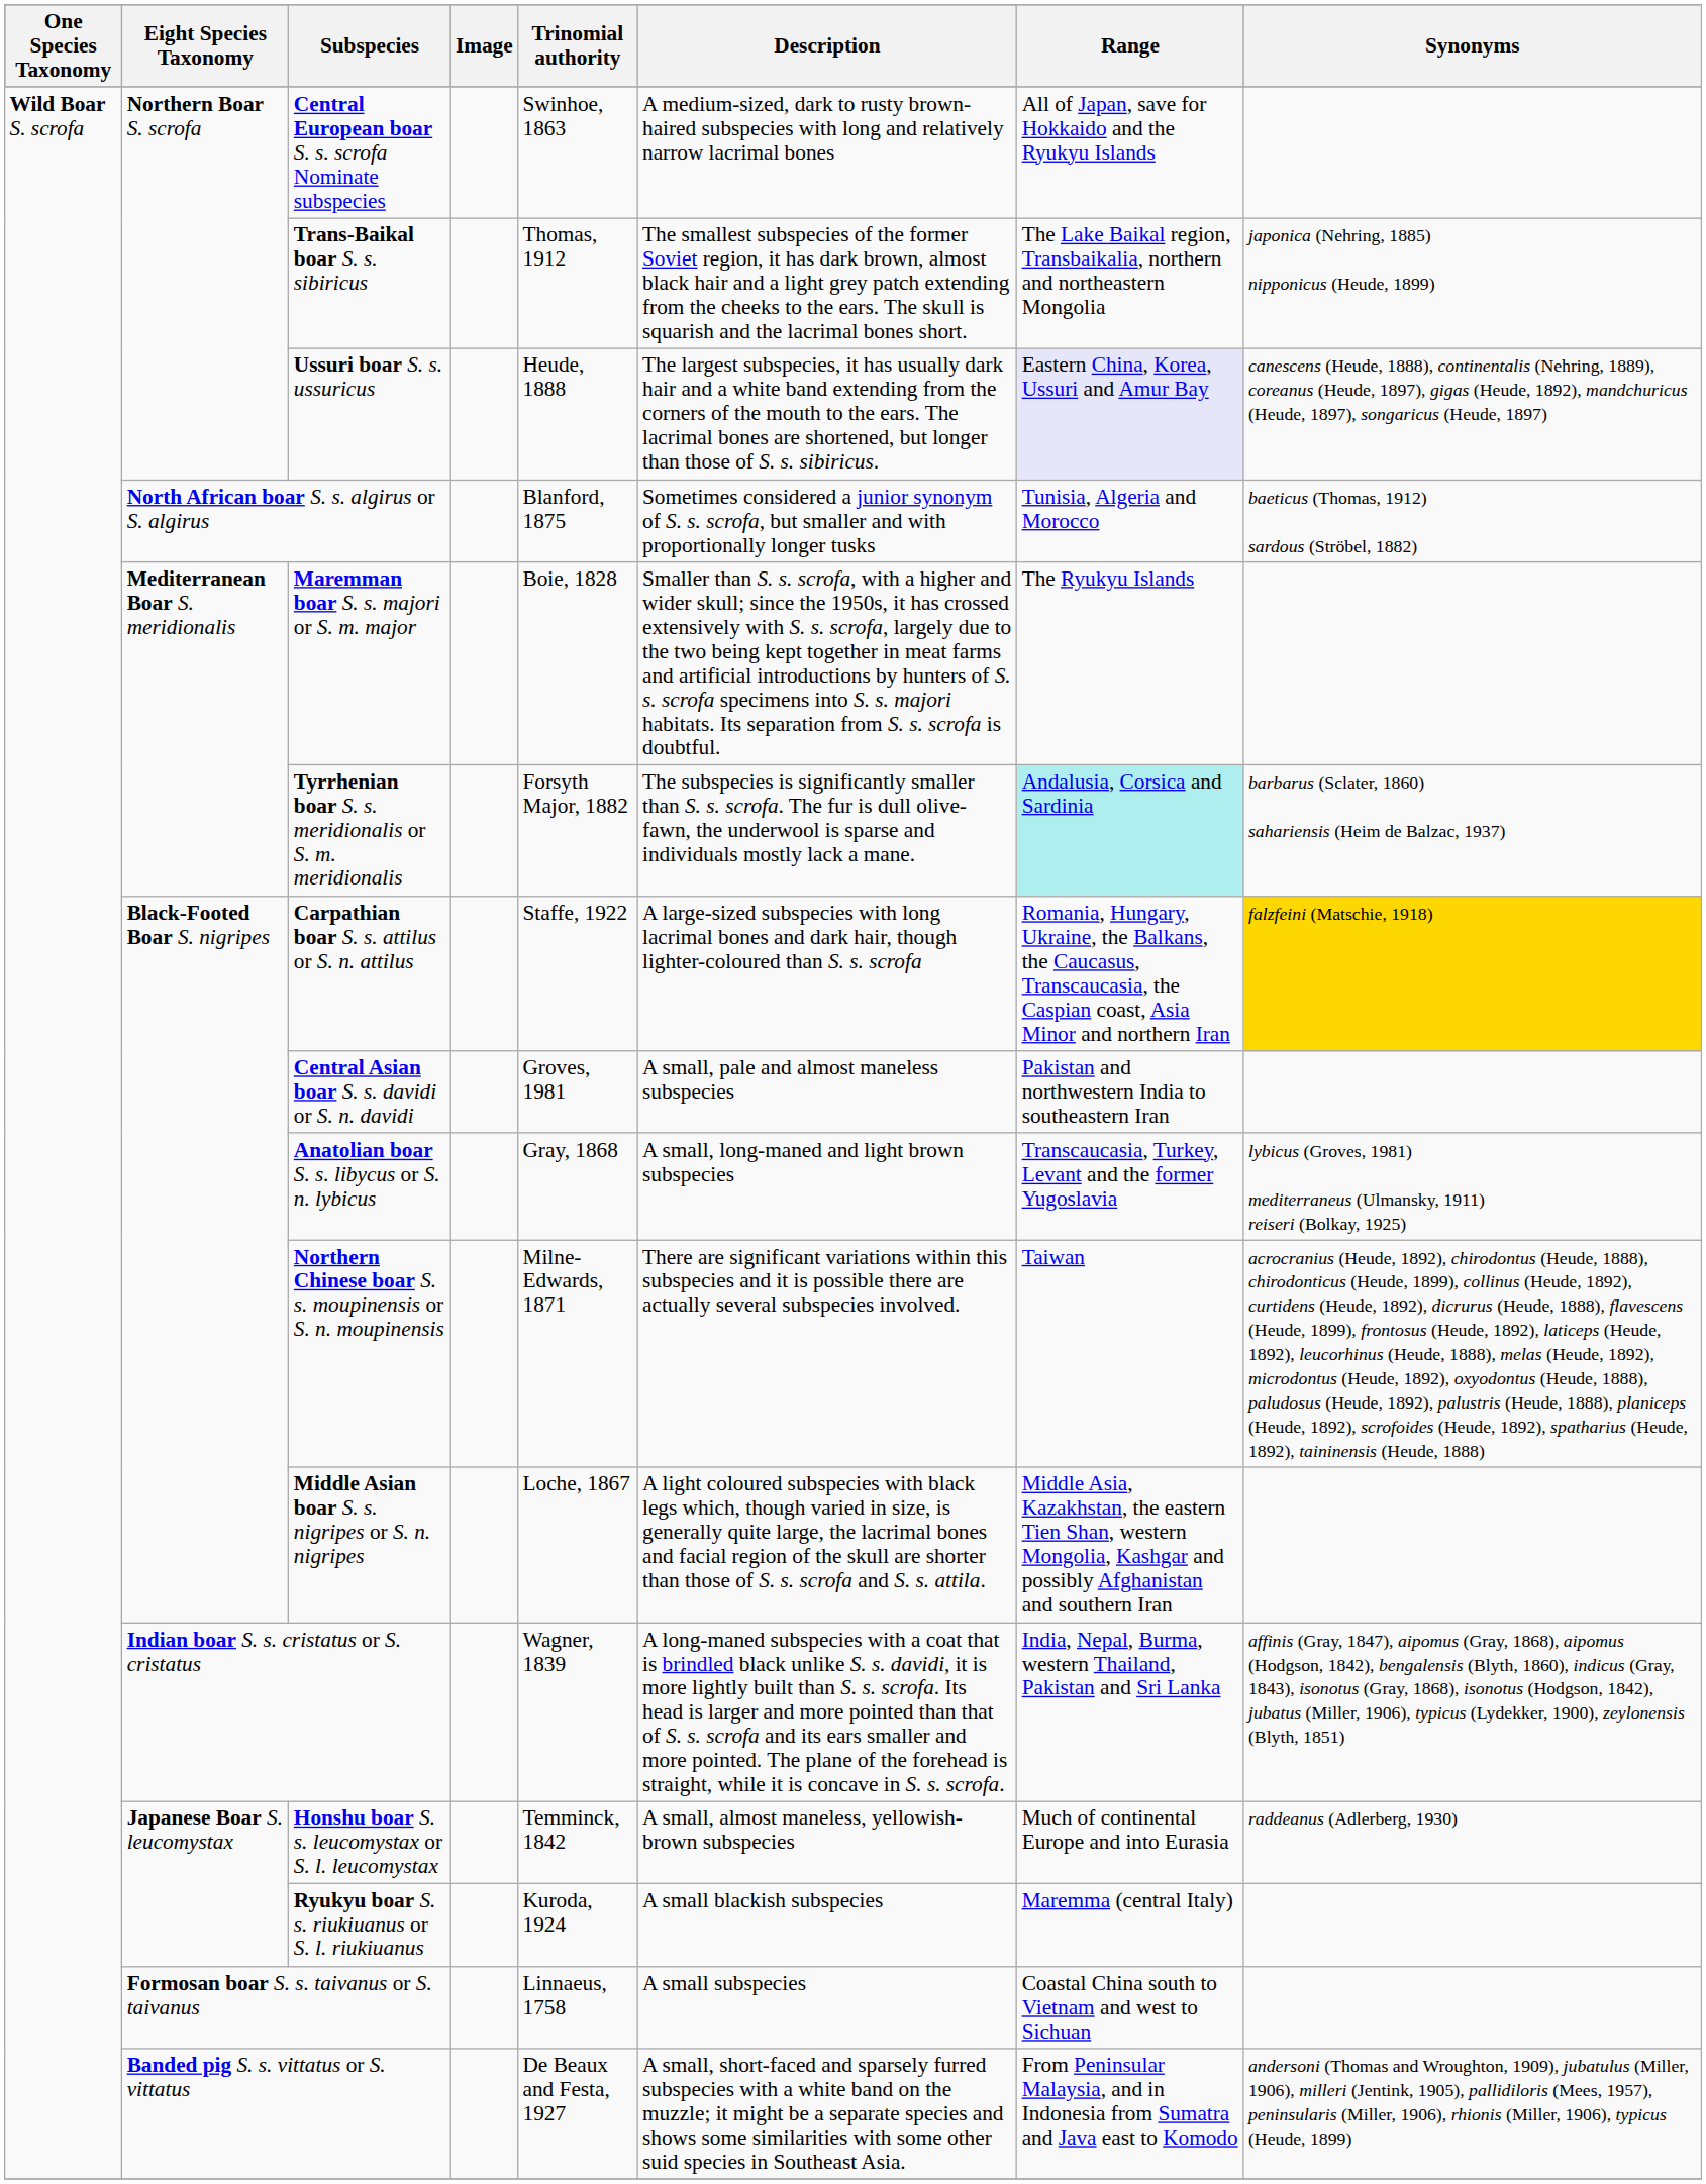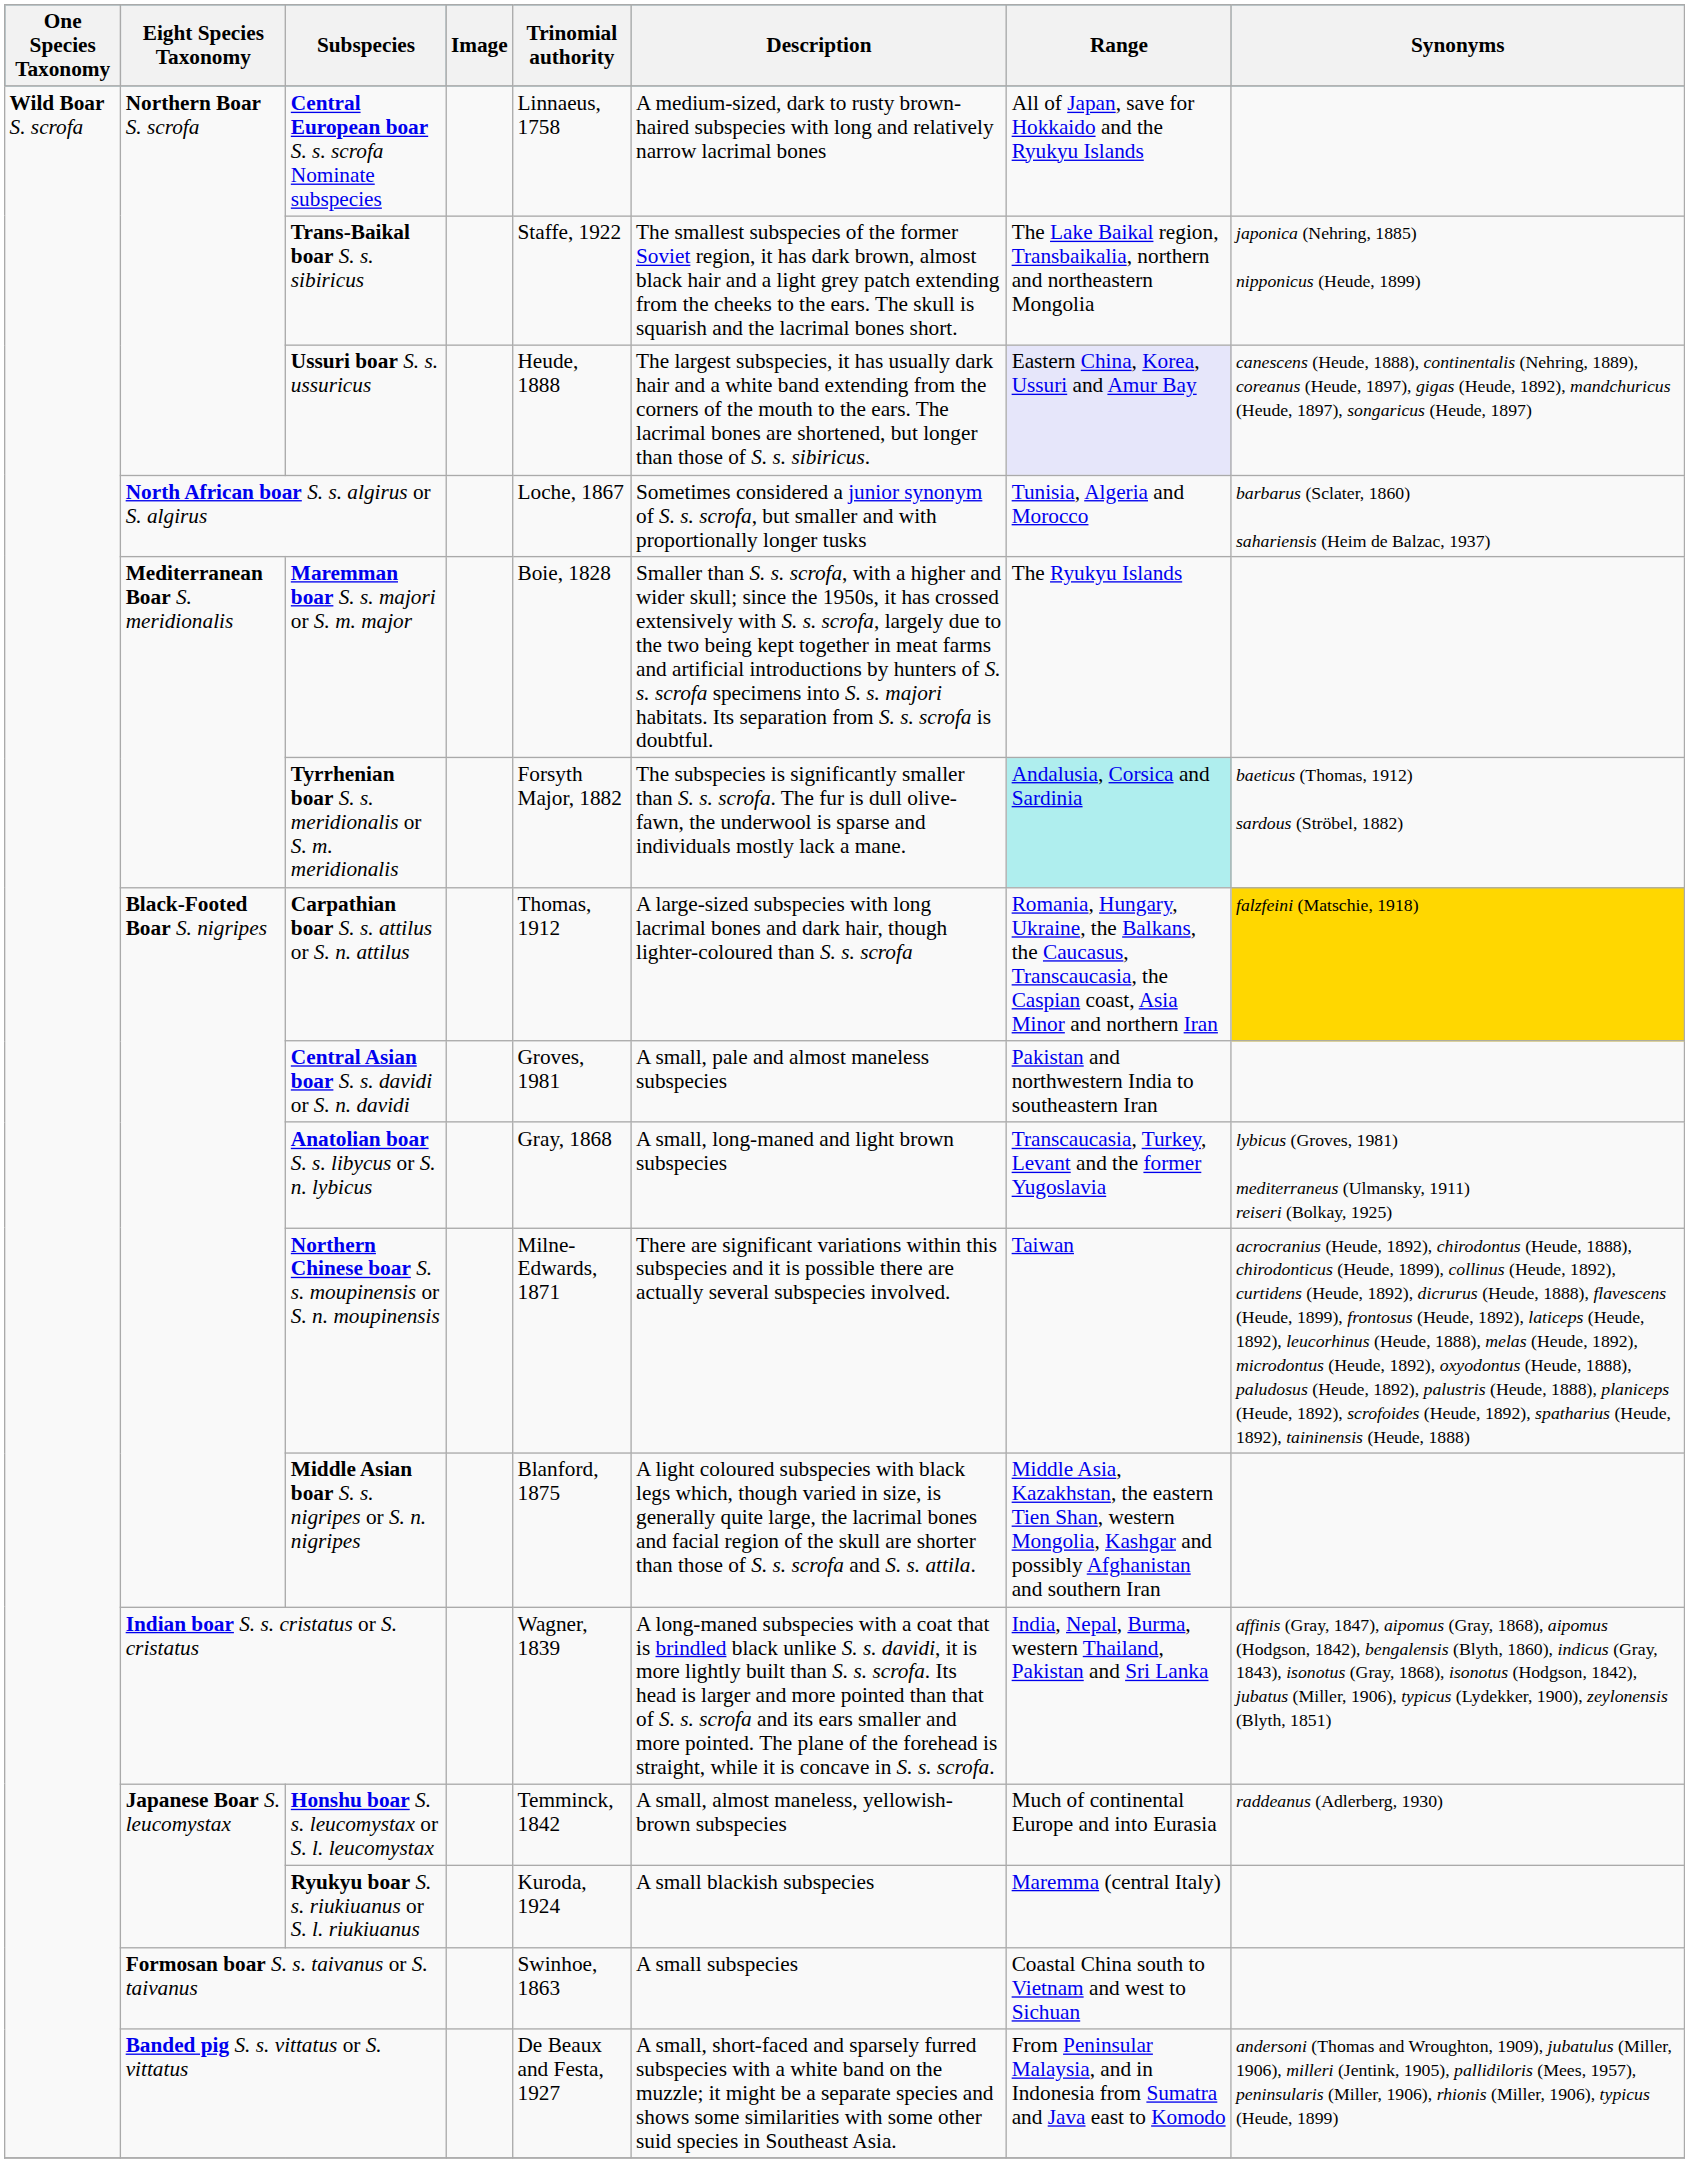 <table class="wikitable collapsed" style="width:100%;">
 <tr style="background:#115a6c;">
 <th>One Species Taxonomy</th>
 <th>Eight Species Taxonomy</th>
 <th>Subspecies</th>
 <th>Image</th>
 <th>Trinomial authority</th>
 <th>Description</th>
 <th>Range</th>
 <th>Synonyms</th>
 </tr>
 <tr style="vertical-align: top;">
 <td rowspan="16"><strong>Wild Boar</strong> <em>S. scrofa</em></td>
 <td rowspan="3"><strong>Northern Boar</strong> <em>S. scrofa</em></td>
 <td><strong><a href='#'>Central European boar</a></strong> <em>S. s. scrofa</em><br><a href='#'>Nominate subspecies</a></td>
 <td></td>
-<td>Swinhoe, 1863</td>
+<td>Linnaeus, 1758</td>
 <td>A medium-sized, dark to rusty brown-haired subspecies with long and relatively narrow lacrimal bones</td>
 <td>All of <a href='#'>Japan</a>, save for <a href='#'>Hokkaido</a> and the <a href='#'>Ryukyu Islands</a></td>
 <td></td>
 </tr>
 <tr style="vertical-align: top;">
 <td><strong>Trans-Baikal boar</strong> <em>S. s. sibiricus</em></td>
 <td></td>
-<td>Thomas, 1912</td>
+<td>Staffe, 1922</td>
 <td>The smallest subspecies of the former <a href='#'>Soviet</a> region, it has dark brown, almost black hair and a light grey patch extending from the cheeks to the ears. The skull is squarish and the lacrimal bones short.</td>
 <td>The <a href='#'>Lake Baikal</a> region, <a href='#'>Transbaikalia</a>, northern and northeastern Mongolia</td>
 <td><small><em>japonica</em> (Nehring, 1885)</small><br><br><small><em>nipponicus</em> (Heude, 1899)</small></td>
 </tr>
 <tr style="vertical-align: top;">
 <td><strong>Ussuri boar</strong> <em>S. s. ussuricus</em></td>
 <td></td>
 <td>Heude, 1888</td>
 <td>The largest subspecies, it has usually dark hair and a white band extending from the corners of the mouth to the ears. The lacrimal bones are shortened, but longer than those of <em>S. s. sibiricus</em>.</td>
 <td style="background: lavender;">Eastern <a href='#'>China</a>, <a href='#'>Korea</a>, <a href='#'>Ussuri</a> and <a href='#'>Amur Bay</a></td>
 <td><small><em>canescens</em> (Heude, 1888), <em>continentalis</em> (Nehring, 1889), <em>coreanus</em> (Heude, 1897), <em>gigas</em> (Heude, 1892), <em>mandchuricus</em> (Heude, 1897), <em>songaricus</em> (Heude, 1897)</small></td>
 </tr>
 <tr style="vertical-align: top;">
 <td colspan="2"><strong><a href='#'>North African boar</a></strong> <em>S. s. algirus</em> or <em>S. algirus</em></td>
 <td></td>
-<td>Blanford, 1875</td>
+<td>Loche, 1867</td>
 <td>Sometimes considered a <a href='#'>junior synonym</a> of <em>S. s. scrofa</em>, but smaller and with proportionally longer tusks</td>
 <td><a href='#'>Tunisia</a>, <a href='#'>Algeria</a> and <a href='#'>Morocco</a></td>
-<td><small><em>baeticus</em> (Thomas, 1912)</small><br><br><small><em>sardous</em> (Ströbel, 1882)</small></td>
+<td><small><em>barbarus</em> (Sclater, 1860)</small><br><br><small><em>sahariensis</em> (Heim de Balzac, 1937)</small></td>
 </tr>
 <tr style="vertical-align: top;">
 <td rowspan="2"><strong>Mediterranean Boar</strong> <em>S. meridionalis</em></td>
 <td><strong><a href='#'>Maremman boar</a></strong> <em>S. s. majori</em> or <em>S. m. major</em></td>
 <td></td>
 <td>Boie, 1828</td>
 <td>Smaller than <em>S. s. scrofa</em>, with a higher and wider skull; since the 1950s, it has crossed extensively with <em>S. s. scrofa</em>, largely due to the two being kept together in meat farms and artificial introductions by hunters of <em>S. s. scrofa</em> specimens into <em>S. s. majori</em> habitats. Its separation from <em>S. s. scrofa</em> is doubtful.</td>
 <td>The <a href='#'>Ryukyu Islands</a></td>
 <td></td>
 </tr>
 <tr style="vertical-align: top;">
 <td><strong>Tyrrhenian boar</strong> <em>S. s. meridionalis</em> or <em>S. m. meridionalis</em></td>
 <td></td>
 <td>Forsyth Major, 1882</td>
 <td>The subspecies is significantly smaller than <em>S. s. scrofa</em>. The fur is dull olive-fawn, the underwool is sparse and individuals mostly lack a mane.</td>
 <td style="background: paleturquoise;"><a href='#'>Andalusia</a>, <a href='#'>Corsica</a> and <a href='#'>Sardinia</a></td>
-<td><small><em>barbarus</em> (Sclater, 1860)</small><br><br><small><em>sahariensis</em> (Heim de Balzac, 1937)</small></td>
+<td><small><em>baeticus</em> (Thomas, 1912)</small><br><br><small><em>sardous</em> (Ströbel, 1882)</small></td>
 </tr>
 <tr style="vertical-align: top;">
 <td rowspan="5"><strong>Black-Footed Boar</strong> <em>S. nigripes</em></td>
 <td><strong>Carpathian boar</strong> <em>S. s. attilus</em> or <em>S. n. attilus</em></td>
 <td></td>
-<td>Staffe, 1922</td>
+<td>Thomas, 1912</td>
 <td>A large-sized subspecies with long lacrimal bones and dark hair, though lighter-coloured than <em>S. s. scrofa</em></td>
 <td><a href='#'>Romania</a>, <a href='#'>Hungary</a>, <a href='#'>Ukraine</a>, the <a href='#'>Balkans</a>, the <a href='#'>Caucasus</a>, <a href='#'>Transcaucasia</a>, the <a href='#'>Caspian</a> coast, <a href='#'>Asia Minor</a> and northern <a href='#'>Iran</a></td>
 <td style="background: gold;"><small><em>falzfeini</em> (Matschie, 1918)</small></td>
 </tr>
 <tr style="vertical-align: top;">
 <td><strong><a href='#'>Central Asian boar</a></strong> <em>S. s. davidi</em> or <em>S. n. davidi</em></td>
 <td></td>
 <td>Groves, 1981</td>
 <td>A small, pale and almost maneless subspecies</td>
 <td><a href='#'>Pakistan</a> and northwestern India to southeastern Iran</td>
 <td></td>
 </tr>
 <tr style="vertical-align: top;">
 <td><strong><a href='#'>Anatolian boar</a></strong> <em>S. s. libycus</em> or <em>S. n. lybicus</em></td>
 <td></td>
 <td>Gray, 1868</td>
 <td>A small, long-maned and light brown subspecies</td>
 <td><a href='#'>Transcaucasia</a>, <a href='#'>Turkey</a>, <a href='#'>Levant</a> and the <a href='#'>former Yugoslavia</a></td>
 <td><small><em>lybicus</em> (Groves, 1981)</small><br><br><small><em>mediterraneus</em> (Ulmansky, 1911)</small><br> <small><em>reiseri</em> (Bolkay, 1925)</small></td>
 </tr>
 <tr style="vertical-align: top;">
 <td><strong><a href='#'>Northern Chinese boar</a></strong> <em>S. s. moupinensis</em> or <em>S. n. moupinensis</em></td>
 <td></td>
 <td>Milne-Edwards, 1871</td>
 <td>There are significant variations within this subspecies and it is possible there are actually several subspecies involved.</td>
 <td><a href='#'>Taiwan</a></td>
 <td><small><em>acrocranius</em> (Heude, 1892), <em>chirodontus</em> (Heude, 1888), <em>chirodonticus</em> (Heude, 1899), <em>collinus</em> (Heude, 1892), <em>curtidens</em> (Heude, 1892), <em>dicrurus</em> (Heude, 1888), <em>flavescens</em> (Heude, 1899), <em>frontosus</em> (Heude, 1892), <em>laticeps</em> (Heude, 1892), <em>leucorhinus</em> (Heude, 1888), <em>melas</em> (Heude, 1892), <em>microdontus</em> (Heude, 1892), <em>oxyodontus</em> (Heude, 1888), <em>paludosus</em> (Heude, 1892), <em>palustris</em> (Heude, 1888), <em>planiceps</em> (Heude, 1892), <em>scrofoides</em> (Heude, 1892), <em>spatharius</em> (Heude, 1892), <em>taininensis</em> (Heude, 1888)</small></td>
 </tr>
 <tr style="vertical-align: top;">
 <td><strong>Middle Asian boar</strong> <em>S. s. nigripes</em> or <em>S. n. nigripes</em></td>
 <td></td>
-<td>Loche, 1867</td>
+<td>Blanford, 1875</td>
 <td>A light coloured subspecies with black legs which, though varied in size, is generally quite large, the lacrimal bones and facial region of the skull are shorter than those of <em>S. s. scrofa</em> and <em>S. s. attila</em>.</td>
 <td><a href='#'>Middle Asia</a>, <a href='#'>Kazakhstan</a>, the eastern <a href='#'>Tien Shan</a>, western <a href='#'>Mongolia</a>, <a href='#'>Kashgar</a> and possibly <a href='#'>Afghanistan</a> and southern Iran</td>
 <td></td>
 </tr>
 <tr style="vertical-align: top;">
 <td colspan="2"><strong><a href='#'>Indian boar</a></strong> <em>S. s. cristatus</em> or <em>S. cristatus</em></td>
 <td></td>
 <td>Wagner, 1839</td>
 <td>A long-maned subspecies with a coat that is <a href='#'>brindled</a> black unlike <em>S. s. davidi</em>, it is more lightly built than <em>S. s. scrofa</em>. Its head is larger and more pointed than that of <em>S. s. scrofa</em> and its ears smaller and more pointed. The plane of the forehead is straight, while it is concave in <em>S. s. scrofa</em>.</td>
 <td><a href='#'>India</a>, <a href='#'>Nepal</a>, <a href='#'>Burma</a>, western <a href='#'>Thailand</a>, <a href='#'>Pakistan</a> and <a href='#'>Sri Lanka</a></td>
 <td><small><em>affinis</em> (Gray, 1847), <em>aipomus</em> (Gray, 1868), <em>aipomus</em> (Hodgson, 1842), <em>bengalensis</em> (Blyth, 1860), <em>indicus</em> (Gray, 1843), <em>isonotus</em> (Gray, 1868), <em>isonotus</em> (Hodgson, 1842), <em>jubatus</em> (Miller, 1906), <em>typicus</em> (Lydekker, 1900), <em>zeylonensis</em> (Blyth, 1851)</small></td>
 </tr>
 <tr style="vertical-align: top;">
 <td rowspan="2"><strong>Japanese Boar</strong> <em>S. leucomystax</em></td>
 <td><strong><a href='#'>Honshu boar</a></strong> <em>S. s. leucomystax</em> or <em>S. l. leucomystax</em></td>
 <td></td>
 <td>Temminck, 1842</td>
 <td>A small, almost maneless, yellowish-brown subspecies</td>
 <td>Much of continental Europe and into Eurasia</td>
 <td><small><em>raddeanus</em> (Adlerberg, 1930)</small></td>
 </tr>
 <tr style="vertical-align: top;">
 <td><strong>Ryukyu boar</strong> <em>S. s. riukiuanus</em> or <em>S. l. riukiuanus</em></td>
 <td></td>
 <td>Kuroda, 1924</td>
 <td>A small blackish subspecies</td>
 <td><a href='#'>Maremma</a> (central Italy)</td>
 <td></td>
 </tr>
 <tr style="vertical-align: top;">
 <td colspan="2"><strong>Formosan boar</strong> <em>S. s. taivanus</em> or <em>S. taivanus</em></td>
 <td></td>
-<td>Linnaeus, 1758</td>
+<td>Swinhoe, 1863</td>
 <td>A small subspecies</td>
 <td>Coastal China south to <a href='#'>Vietnam</a> and west to <a href='#'>Sichuan</a></td>
 <td></td>
 </tr>
 <tr style="vertical-align: top;">
 <td colspan="2"><strong><a href='#'>Banded pig</a></strong> <em>S. s. vittatus</em> or <em>S. vittatus</em></td>
 <td></td>
 <td>De Beaux and Festa, 1927</td>
 <td>A small, short-faced and sparsely furred subspecies with a white band on the muzzle; it might be a separate species and shows some similarities with some other suid species in Southeast Asia.</td>
 <td>From <a href='#'>Peninsular Malaysia</a>, and in Indonesia from <a href='#'>Sumatra</a> and <a href='#'>Java</a> east to <a href='#'>Komodo</a></td>
 <td><small><em>andersoni</em> (Thomas and Wroughton, 1909), <em>jubatulus</em> (Miller, 1906), <em>milleri</em> (Jentink, 1905), <em>pallidiloris</em> (Mees, 1957), <em>peninsularis</em> (Miller, 1906), <em>rhionis</em> (Miller, 1906), <em>typicus</em> (Heude, 1899)</small></td>
 </tr>
 <tr>
 </tr>
 </table>
